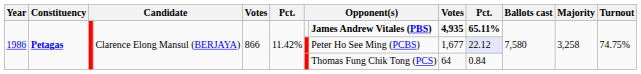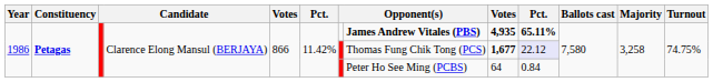 <table class="wikitable" style="margin:0.5em ; font-size:95%">
 <tr>
 <th>Year</th>
 <th>Constituency</th>
 <th colspan="2">Candidate</th>
 <th>Votes</th>
 <th>Pct.</th>
 <th colspan="2">Opponent(s)</th>
 <th>Votes</th>
 <th>Pct.</th>
 <th>Ballots cast</th>
 <th>Majority</th>
 <th>Turnout</th>
 </tr>
 <tr>
 <td rowspan="3"><a href='#'>1986</a></td>
 <td rowspan="3"><a href='#'><strong>Petagas</strong></a></td>
 <td rowspan="3" bgcolor= red></td>
 <td rowspan="3">Clarence Elong Mansul (<a href='#'>BERJAYA</a>)</td>
 <td rowspan="3">866</td>
 <td rowspan="3">11.42%</td>
 <td bgcolor= ></td>
 <td><strong>James Andrew Vitales (<a href='#'>PBS</a>)</strong></td>
 <td><strong>4,935</strong></td>
 <td><strong>65.11%</strong></td>
 <td rowspan="3">7,580</td>
 <td rowspan="3">3,258</td>
 <td rowspan="3">74.75%</td>
 </tr>
 <tr>
 <td bgcolor= red></td>
-<td>Peter Ho See Ming (<a href='#'>PCBS</a>)</td>
-<td>1,677</td>
+<td>Thomas Fung Chik Tong (<a href='#'>PCS</a>)</td>
+<td><strong>1,677</strong></td>
 <td style="background: lavender;">22.12</td>
 </tr>
 <tr>
 <td bgcolor= red></td>
-<td>Thomas Fung Chik Tong (<a href='#'>PCS</a>)</td>
+<td>Peter Ho See Ming (<a href='#'>PCBS</a>)</td>
 <td>64</td>
 <td>0.84</td>
 </tr>
 </table>
